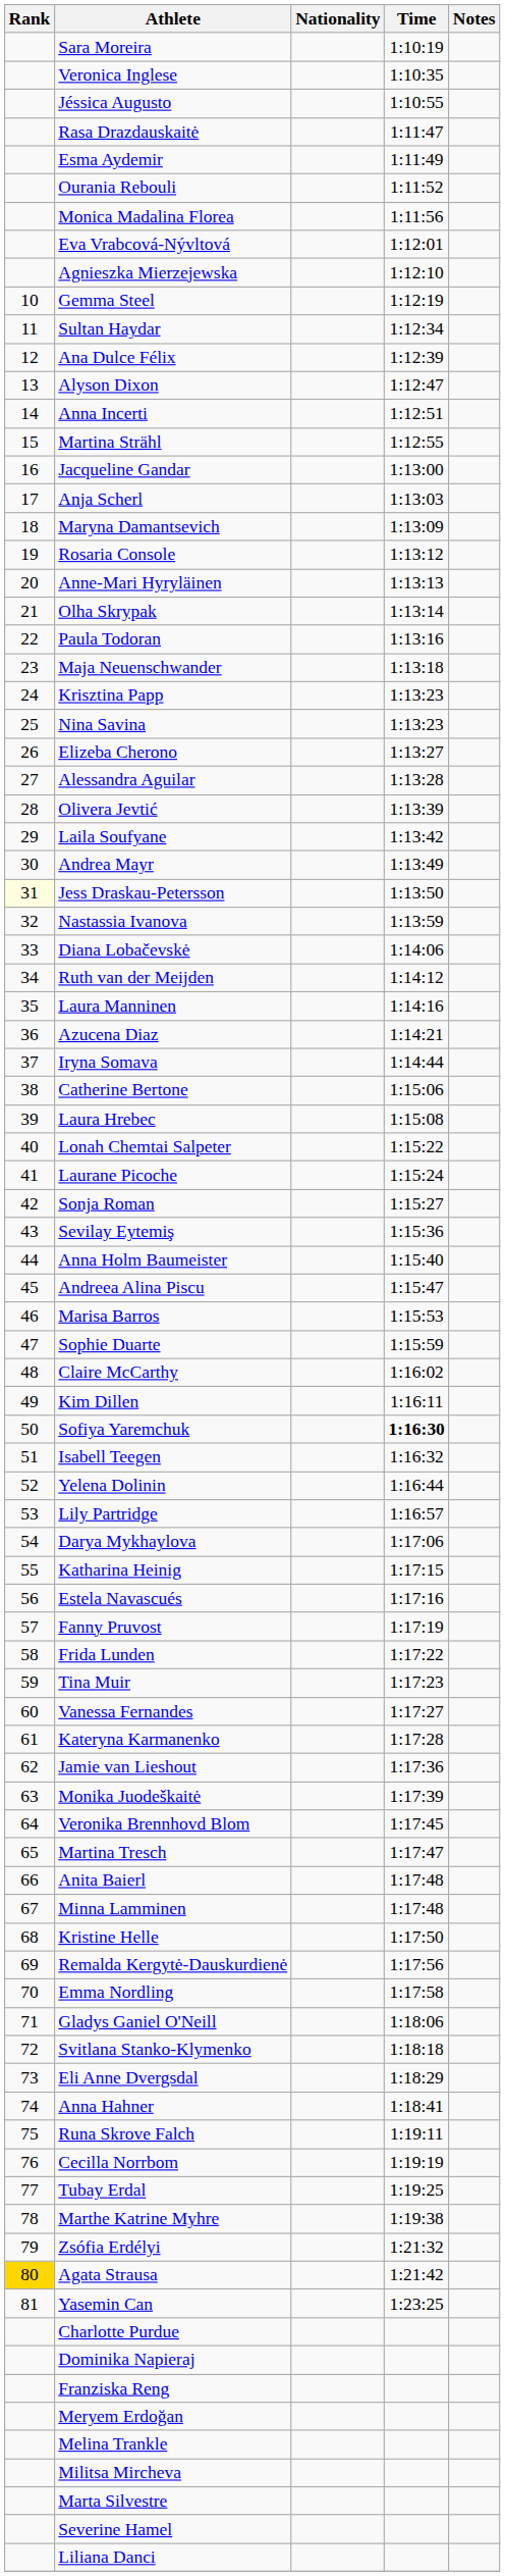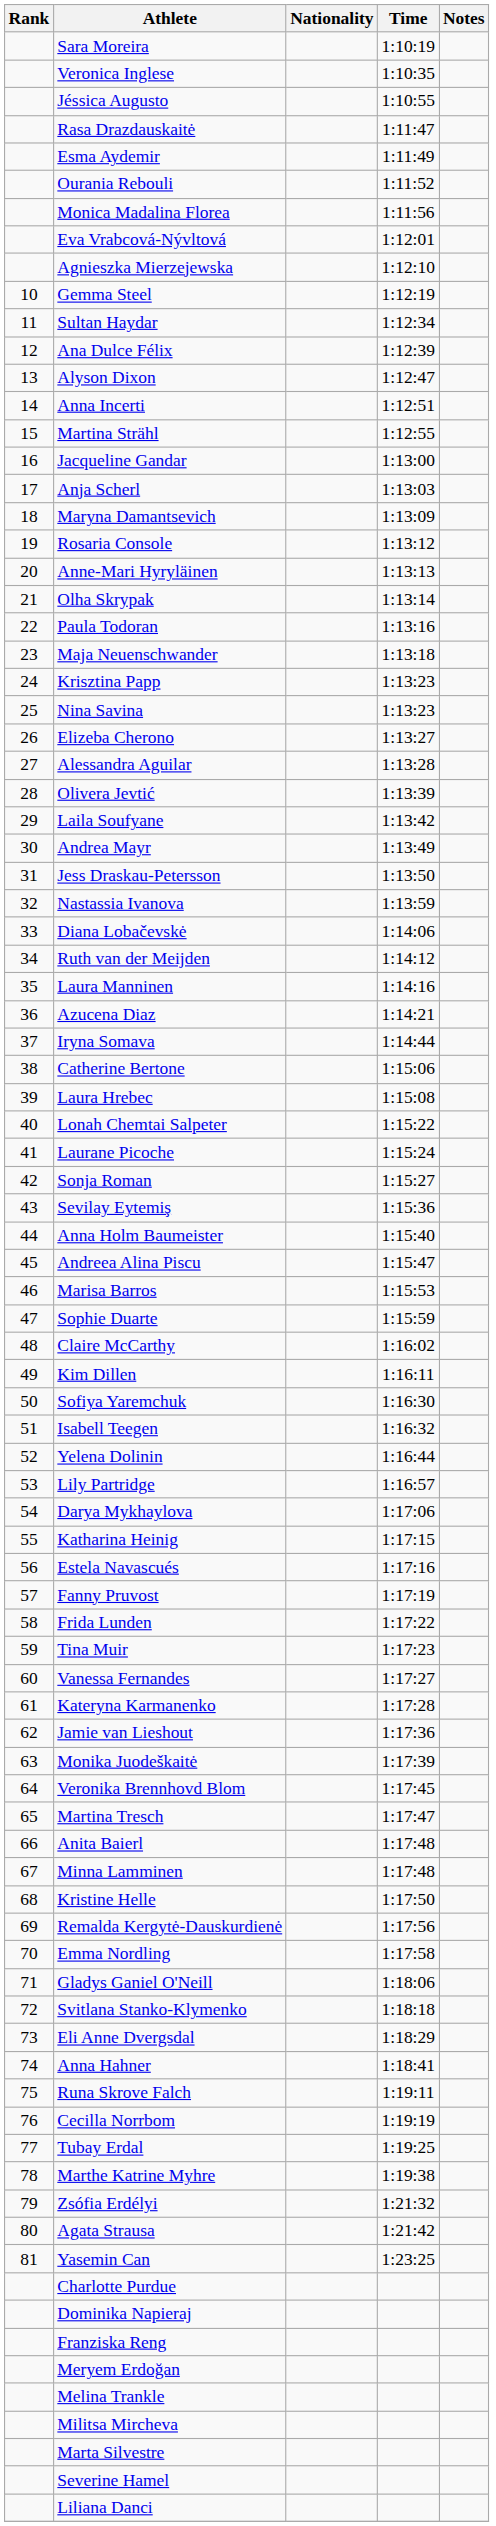 <table class="wikitable sortable" style="text-align:center">
 <tr>
 <th>Rank</th>
 <th>Athlete</th>
 <th>Nationality</th>
 <th>Time</th>
 <th>Notes</th>
 </tr>
 <tr>
 <td></td>
 <td align="left"><a href='#'>Sara Moreira</a></td>
 <td align=left></td>
 <td>1:10:19</td>
 <td></td>
 </tr>
 <tr>
 <td></td>
 <td align="left"><a href='#'>Veronica Inglese</a></td>
 <td align=left></td>
 <td>1:10:35</td>
 <td><strong></strong></td>
 </tr>
 <tr>
 <td></td>
 <td align="left"><a href='#'>Jéssica Augusto</a></td>
 <td align=left></td>
 <td>1:10:55</td>
 <td><strong></strong></td>
 </tr>
 <tr>
 <td></td>
 <td align="left"><a href='#'>Rasa Drazdauskaitė</a></td>
 <td align=left></td>
 <td>1:11:47</td>
 <td><strong></strong></td>
 </tr>
 <tr>
 <td></td>
 <td align="left"><a href='#'>Esma Aydemir</a></td>
 <td align=left></td>
 <td>1:11:49</td>
 <td><strong></strong></td>
 </tr>
 <tr>
 <td></td>
 <td align="left"><a href='#'>Ourania Rebouli</a></td>
 <td align=left></td>
 <td>1:11:52</td>
 <td><strong></strong></td>
 </tr>
 <tr>
 <td></td>
 <td align="left"><a href='#'>Monica Madalina Florea</a></td>
 <td align=left></td>
 <td>1:11:56</td>
 <td></td>
 </tr>
 <tr>
 <td></td>
 <td align="left"><a href='#'>Eva Vrabcová-Nývltová</a></td>
 <td align=left></td>
 <td>1:12:01</td>
 <td></td>
 </tr>
 <tr>
 <td></td>
 <td align="left"><a href='#'>Agnieszka Mierzejewska</a></td>
 <td align=left></td>
 <td>1:12:10</td>
 <td></td>
 </tr>
 <tr>
 <td>10</td>
 <td align="left"><a href='#'>Gemma Steel</a></td>
 <td align=left></td>
 <td>1:12:19</td>
 <td></td>
 </tr>
 <tr>
 <td>11</td>
 <td align="left"><a href='#'>Sultan Haydar</a></td>
 <td align=left></td>
 <td>1:12:34</td>
 <td></td>
 </tr>
 <tr>
 <td>12</td>
 <td align="left"><a href='#'>Ana Dulce Félix</a></td>
 <td align=left></td>
 <td>1:12:39</td>
 <td><strong></strong></td>
 </tr>
 <tr>
 <td>13</td>
 <td align="left"><a href='#'>Alyson Dixon</a></td>
 <td align=left></td>
 <td>1:12:47</td>
 <td><strong></strong></td>
 </tr>
 <tr>
 <td>14</td>
 <td align="left"><a href='#'>Anna Incerti</a></td>
 <td align=left></td>
 <td>1:12:51</td>
 <td><strong></strong></td>
 </tr>
 <tr>
 <td>15</td>
 <td align="left"><a href='#'>Martina Strähl</a></td>
 <td align=left></td>
 <td>1:12:55</td>
 <td></td>
 </tr>
 <tr>
 <td>16</td>
 <td align="left"><a href='#'>Jacqueline Gandar</a></td>
 <td align=left></td>
 <td>1:13:00</td>
 <td></td>
 </tr>
 <tr>
 <td>17</td>
 <td align="left"><a href='#'>Anja Scherl</a></td>
 <td align=left></td>
 <td>1:13:03</td>
 <td></td>
 </tr>
 <tr>
 <td>18</td>
 <td align="left"><a href='#'>Maryna Damantsevich</a></td>
 <td align=left></td>
 <td>1:13:09</td>
 <td></td>
 </tr>
 <tr>
 <td>19</td>
 <td align="left"><a href='#'>Rosaria Console</a></td>
 <td align=left></td>
 <td>1:13:12</td>
 <td></td>
 </tr>
 <tr>
 <td>20</td>
 <td align="left"><a href='#'>Anne-Mari Hyryläinen</a></td>
 <td align=left></td>
 <td>1:13:13</td>
 <td></td>
 </tr>
 <tr>
 <td>21</td>
 <td align="left"><a href='#'>Olha Skrypak</a></td>
 <td align=left></td>
 <td>1:13:14</td>
 <td></td>
 </tr>
 <tr>
 <td>22</td>
 <td align="left"><a href='#'>Paula Todoran</a></td>
 <td align=left></td>
 <td>1:13:16</td>
 <td><strong></strong></td>
 </tr>
 <tr>
 <td>23</td>
 <td align="left"><a href='#'>Maja Neuenschwander</a></td>
 <td align=left></td>
 <td>1:13:18</td>
 <td></td>
 </tr>
 <tr>
 <td>24</td>
 <td align="left"><a href='#'>Krisztina Papp</a></td>
 <td align=left></td>
 <td>1:13:23</td>
 <td></td>
 </tr>
 <tr>
 <td>25</td>
 <td align="left"><a href='#'>Nina Savina</a></td>
 <td align=left></td>
 <td>1:13:23</td>
 <td><strong></strong></td>
 </tr>
 <tr>
 <td>26</td>
 <td align="left"><a href='#'>Elizeba Cherono</a></td>
 <td align=left></td>
 <td>1:13:27</td>
 <td></td>
 </tr>
 <tr>
 <td>27</td>
 <td align="left"><a href='#'>Alessandra Aguilar</a></td>
 <td align=left></td>
 <td>1:13:28</td>
 <td></td>
 </tr>
 <tr>
 <td>28</td>
 <td align="left"><a href='#'>Olivera Jevtić</a></td>
 <td align=left></td>
 <td>1:13:39</td>
 <td></td>
 </tr>
 <tr>
 <td>29</td>
 <td align="left"><a href='#'>Laila Soufyane</a></td>
 <td align=left></td>
 <td>1:13:42</td>
 <td></td>
 </tr>
 <tr>
 <td>30</td>
 <td align="left"><a href='#'>Andrea Mayr</a></td>
 <td align=left></td>
 <td>1:13:49</td>
 <td></td>
 </tr>
 <tr>
-<td style="background: lightyellow;">31</td>
+<td>31</td>
 <td align="left"><a href='#'>Jess Draskau-Petersson</a></td>
 <td align=left></td>
 <td>1:13:50</td>
 <td><strong></strong></td>
 </tr>
 <tr>
 <td>32</td>
 <td align="left"><a href='#'>Nastassia Ivanova</a></td>
 <td align=left></td>
 <td>1:13:59</td>
 <td><strong></strong></td>
 </tr>
 <tr>
 <td>33</td>
 <td align="left"><a href='#'>Diana Lobačevskė</a></td>
 <td align=left></td>
 <td>1:14:06</td>
 <td></td>
 </tr>
 <tr>
 <td>34</td>
 <td align="left"><a href='#'>Ruth van der Meijden</a></td>
 <td align=left></td>
 <td>1:14:12</td>
 <td></td>
 </tr>
 <tr>
 <td>35</td>
 <td align="left"><a href='#'>Laura Manninen</a></td>
 <td align=left></td>
 <td>1:14:16</td>
 <td><strong></strong></td>
 </tr>
 <tr>
 <td>36</td>
 <td align="left"><a href='#'>Azucena Diaz</a></td>
 <td align=left></td>
 <td>1:14:21</td>
 <td></td>
 </tr>
 <tr>
 <td>37</td>
 <td align="left"><a href='#'>Iryna Somava</a></td>
 <td align=left></td>
 <td>1:14:44</td>
 <td></td>
 </tr>
 <tr>
 <td>38</td>
 <td align="left"><a href='#'>Catherine Bertone</a></td>
 <td align=left></td>
 <td>1:15:06</td>
 <td></td>
 </tr>
 <tr>
 <td>39</td>
 <td align="left"><a href='#'>Laura Hrebec</a></td>
 <td align=left></td>
 <td>1:15:08</td>
 <td><strong></strong></td>
 </tr>
 <tr>
 <td>40</td>
 <td align="left"><a href='#'>Lonah Chemtai Salpeter</a></td>
 <td align=left></td>
 <td>1:15:22</td>
 <td></td>
 </tr>
 <tr>
 <td>41</td>
 <td align="left"><a href='#'>Laurane Picoche</a></td>
 <td align=left></td>
 <td>1:15:24</td>
 <td></td>
 </tr>
 <tr>
 <td>42</td>
 <td align="left"><a href='#'>Sonja Roman</a></td>
 <td align=left></td>
 <td>1:15:27</td>
 <td></td>
 </tr>
 <tr>
 <td>43</td>
 <td align="left"><a href='#'>Sevilay Eytemiş</a></td>
 <td align=left></td>
 <td>1:15:36</td>
 <td></td>
 </tr>
 <tr>
 <td>44</td>
 <td align="left"><a href='#'>Anna Holm Baumeister</a></td>
 <td align=left></td>
 <td>1:15:40</td>
 <td></td>
 </tr>
 <tr>
 <td>45</td>
 <td align="left"><a href='#'>Andreea Alina Piscu</a></td>
 <td align=left></td>
 <td>1:15:47</td>
 <td><strong></strong></td>
 </tr>
 <tr>
 <td>46</td>
 <td align="left"><a href='#'>Marisa Barros</a></td>
 <td align=left></td>
 <td>1:15:53</td>
 <td></td>
 </tr>
 <tr>
 <td>47</td>
 <td align="left"><a href='#'>Sophie Duarte</a></td>
 <td align=left></td>
 <td>1:15:59</td>
 <td></td>
 </tr>
 <tr>
 <td>48</td>
 <td align="left"><a href='#'>Claire McCarthy</a></td>
 <td align=left></td>
 <td>1:16:02</td>
 <td></td>
 </tr>
 <tr>
 <td>49</td>
 <td align="left"><a href='#'>Kim Dillen</a></td>
 <td align=left></td>
 <td>1:16:11</td>
 <td></td>
 </tr>
 <tr>
 <td>50</td>
 <td align="left"><a href='#'>Sofiya Yaremchuk</a></td>
 <td align=left></td>
-<td><strong>1:16:30</strong></td>
+<td>1:16:30</td>
 <td><strong></strong></td>
 </tr>
 <tr>
 <td>51</td>
 <td align="left"><a href='#'>Isabell Teegen</a></td>
 <td align=left></td>
 <td>1:16:32</td>
 <td></td>
 </tr>
 <tr>
 <td>52</td>
 <td align="left"><a href='#'>Yelena Dolinin</a></td>
 <td align=left></td>
 <td>1:16:44</td>
 <td><strong></strong></td>
 </tr>
 <tr>
 <td>53</td>
 <td align="left"><a href='#'>Lily Partridge</a></td>
 <td align=left></td>
 <td>1:16:57</td>
 <td></td>
 </tr>
 <tr>
 <td>54</td>
 <td align="left"><a href='#'>Darya Mykhaylova</a></td>
 <td align=left></td>
 <td>1:17:06</td>
 <td></td>
 </tr>
 <tr>
 <td>55</td>
 <td align="left"><a href='#'>Katharina Heinig</a></td>
 <td align=left></td>
 <td>1:17:15</td>
 <td></td>
 </tr>
 <tr>
 <td>56</td>
 <td align="left"><a href='#'>Estela Navascués</a></td>
 <td align=left></td>
 <td>1:17:16</td>
 <td></td>
 </tr>
 <tr>
 <td>57</td>
 <td align="left"><a href='#'>Fanny Pruvost</a></td>
 <td align=left></td>
 <td>1:17:19</td>
 <td></td>
 </tr>
 <tr>
 <td>58</td>
 <td align="left"><a href='#'>Frida Lunden</a></td>
 <td align=left></td>
 <td>1:17:22</td>
 <td></td>
 </tr>
 <tr>
 <td>59</td>
 <td align="left"><a href='#'>Tina Muir</a></td>
 <td align=left></td>
 <td>1:17:23</td>
 <td></td>
 </tr>
 <tr>
 <td>60</td>
 <td align="left"><a href='#'>Vanessa Fernandes</a></td>
 <td align=left></td>
 <td>1:17:27</td>
 <td></td>
 </tr>
 <tr>
 <td>61</td>
 <td align="left"><a href='#'>Kateryna Karmanenko</a></td>
 <td align=left></td>
 <td>1:17:28</td>
 <td><strong></strong></td>
 </tr>
 <tr>
 <td>62</td>
 <td align="left"><a href='#'>Jamie van Lieshout</a></td>
 <td align=left></td>
 <td>1:17:36</td>
 <td></td>
 </tr>
 <tr>
 <td>63</td>
 <td align="left"><a href='#'>Monika Juodeškaitė</a></td>
 <td align=left></td>
 <td>1:17:39</td>
 <td></td>
 </tr>
 <tr>
 <td>64</td>
 <td align="left"><a href='#'>Veronika Brennhovd Blom</a></td>
 <td align=left></td>
 <td>1:17:45</td>
 <td></td>
 </tr>
 <tr>
 <td>65</td>
 <td align="left"><a href='#'>Martina Tresch</a></td>
 <td align=left></td>
 <td>1:17:47</td>
 <td></td>
 </tr>
 <tr>
 <td>66</td>
 <td align="left"><a href='#'>Anita Baierl</a></td>
 <td align=left></td>
 <td>1:17:48</td>
 <td></td>
 </tr>
 <tr>
 <td>67</td>
 <td align="left"><a href='#'>Minna Lamminen</a></td>
 <td align=left></td>
 <td>1:17:48</td>
 <td></td>
 </tr>
 <tr>
 <td>68</td>
 <td align="left"><a href='#'>Kristine Helle</a></td>
 <td align=left></td>
 <td>1:17:50</td>
 <td><strong></strong></td>
 </tr>
 <tr>
 <td>69</td>
 <td align="left"><a href='#'>Remalda Kergytė-Dauskurdienė</a></td>
 <td align=left></td>
 <td>1:17:56</td>
 <td></td>
 </tr>
 <tr>
 <td>70</td>
 <td align="left"><a href='#'>Emma Nordling</a></td>
 <td align=left></td>
 <td>1:17:58</td>
 <td></td>
 </tr>
 <tr>
 <td>71</td>
 <td align="left"><a href='#'>Gladys Ganiel O'Neill</a></td>
 <td align=left></td>
 <td>1:18:06</td>
 <td><strong></strong></td>
 </tr>
 <tr>
 <td>72</td>
 <td align="left"><a href='#'>Svitlana Stanko-Klymenko</a></td>
 <td align=left></td>
 <td>1:18:18</td>
 <td></td>
 </tr>
 <tr>
 <td>73</td>
 <td align="left"><a href='#'>Eli Anne Dvergsdal</a></td>
 <td align=left></td>
 <td>1:18:29</td>
 <td><strong></strong></td>
 </tr>
 <tr>
 <td>74</td>
 <td align="left"><a href='#'>Anna Hahner</a></td>
 <td align=left></td>
 <td>1:18:41</td>
 <td></td>
 </tr>
 <tr>
 <td>75</td>
 <td align="left"><a href='#'>Runa Skrove Falch</a></td>
 <td align=left></td>
 <td>1:19:11</td>
 <td></td>
 </tr>
 <tr>
 <td>76</td>
 <td align="left"><a href='#'>Cecilla Norrbom</a></td>
 <td align=left></td>
 <td>1:19:19</td>
 <td></td>
 </tr>
 <tr>
 <td>77</td>
 <td align="left"><a href='#'>Tubay Erdal</a></td>
 <td align=left></td>
 <td>1:19:25</td>
 <td></td>
 </tr>
 <tr>
 <td>78</td>
 <td align="left"><a href='#'>Marthe Katrine Myhre</a></td>
 <td align=left></td>
 <td>1:19:38</td>
 <td></td>
 </tr>
 <tr>
 <td>79</td>
 <td align="left"><a href='#'>Zsófia Erdélyi</a></td>
 <td align=left></td>
 <td>1:21:32</td>
 <td></td>
 </tr>
 <tr>
-<td style="background: gold;">80</td>
+<td>80</td>
 <td align="left"><a href='#'>Agata Strausa</a></td>
 <td align=left></td>
 <td>1:21:42</td>
 <td></td>
 </tr>
 <tr>
 <td>81</td>
 <td align="left"><a href='#'>Yasemin Can</a></td>
 <td align=left></td>
 <td>1:23:25</td>
 <td></td>
 </tr>
 <tr>
 <td></td>
 <td align="left"><a href='#'>Charlotte Purdue</a></td>
 <td align=left></td>
 <td></td>
 <td></td>
 </tr>
 <tr>
 <td></td>
 <td align="left"><a href='#'>Dominika Napieraj</a></td>
 <td align=left></td>
 <td></td>
 <td></td>
 </tr>
 <tr>
 <td></td>
 <td align="left"><a href='#'>Franziska Reng</a></td>
 <td align=left></td>
 <td></td>
 <td></td>
 </tr>
 <tr>
 <td></td>
 <td align="left"><a href='#'>Meryem Erdoğan</a></td>
 <td align=left></td>
 <td></td>
 <td></td>
 </tr>
 <tr>
 <td></td>
 <td align="left"><a href='#'>Melina Trankle</a></td>
 <td align=left></td>
 <td></td>
 <td></td>
 </tr>
 <tr>
 <td></td>
 <td align="left"><a href='#'>Militsa Mircheva</a></td>
 <td align=left></td>
 <td></td>
 <td></td>
 </tr>
 <tr>
 <td></td>
 <td align="left"><a href='#'>Marta Silvestre</a></td>
 <td align=left></td>
 <td></td>
 <td></td>
 </tr>
 <tr>
 <td></td>
 <td align="left"><a href='#'>Severine Hamel</a></td>
 <td align=left></td>
 <td></td>
 <td></td>
 </tr>
 <tr>
 <td></td>
 <td align="left"><a href='#'>Liliana Danci</a></td>
 <td align=left></td>
 <td></td>
 <td></td>
 </tr>
 <tr>
 </tr>
 </table>
